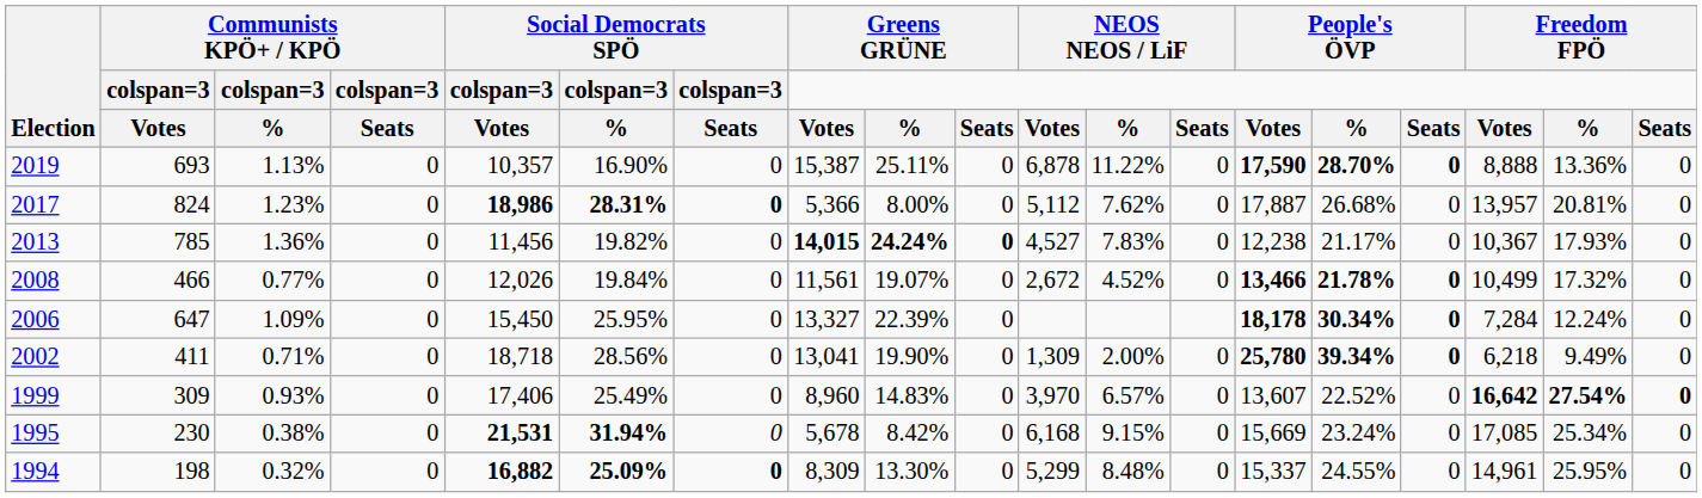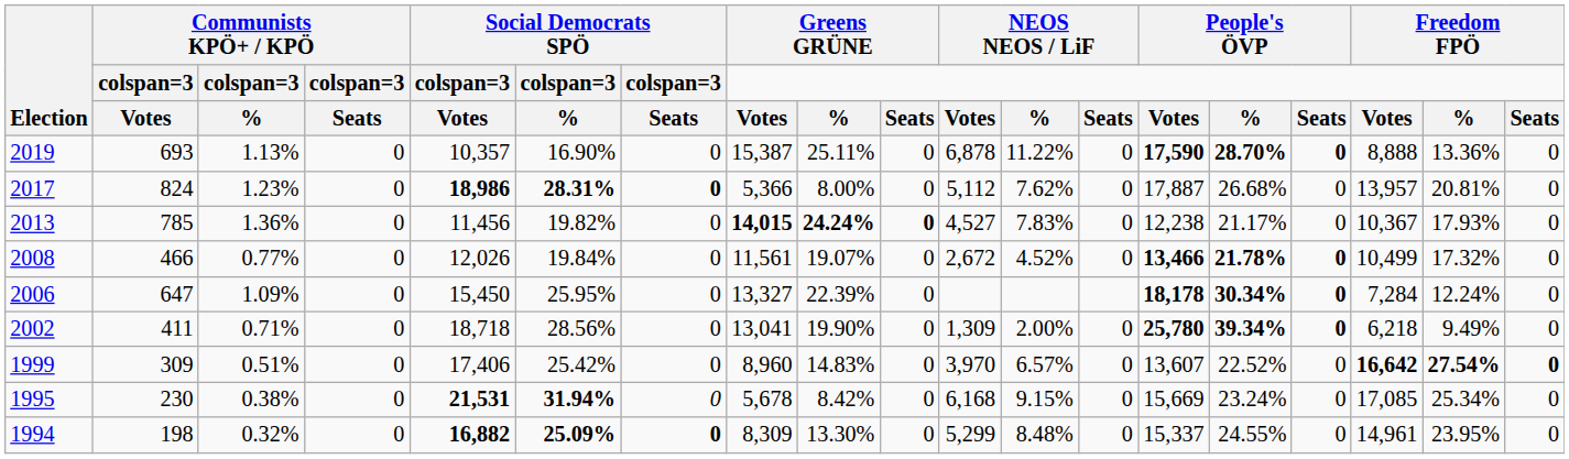 <table class="wikitable" border="1" style="font-size:100%; text-align:right;">
 <tr>
 <th style="text-align:left;" valign=bottom rowspan=3>Election</th>
 <th valign=bottom colspan=3><a href='#'>Communists</a><br>KPÖ+ / KPÖ</th>
 <th valign=bottom colspan=3><a href='#'>Social Democrats</a><br>SPÖ</th>
 <th valign=bottom colspan=3><a href='#'>Greens</a><br>GRÜNE</th>
 <th valign=bottom colspan=3><a href='#'>NEOS</a><br>NEOS / LiF</th>
 <th valign=bottom colspan=3><a href='#'>People's</a><br>ÖVP</th>
 <th valign=bottom colspan=3><a href='#'>Freedom</a><br>FPÖ</th>
 </tr>
 <tr>
 <th>colspan=3 </th>
 <th>colspan=3 </th>
 <th>colspan=3 </th>
 <th>colspan=3 </th>
 <th>colspan=3 </th>
 <th>colspan=3 </th>
 </tr>
 <tr>
 <th>Votes</th>
 <th>%</th>
 <th>Seats</th>
 <th>Votes</th>
 <th>%</th>
 <th>Seats</th>
 <th>Votes</th>
 <th>%</th>
 <th>Seats</th>
 <th>Votes</th>
 <th>%</th>
 <th>Seats</th>
 <th>Votes</th>
 <th>%</th>
 <th>Seats</th>
 <th>Votes</th>
 <th>%</th>
 <th>Seats</th>
 </tr>
 <tr>
 <td align=left><a href='#'>2019</a></td>
 <td>693</td>
 <td>1.13%</td>
 <td>0</td>
 <td>10,357</td>
 <td>16.90%</td>
 <td>0</td>
 <td>15,387</td>
 <td>25.11%</td>
 <td>0</td>
 <td>6,878</td>
 <td>11.22%</td>
 <td>0</td>
 <td><strong>17,590</strong></td>
 <td><strong>28.70%</strong></td>
 <td><strong>0</strong></td>
 <td>8,888</td>
 <td>13.36%</td>
 <td>0</td>
 </tr>
 <tr>
 <td align=left><a href='#'>2017</a></td>
 <td>824</td>
 <td>1.23%</td>
 <td>0</td>
 <td><strong>18,986</strong></td>
 <td><strong>28.31%</strong></td>
 <td><strong>0</strong></td>
 <td>5,366</td>
 <td>8.00%</td>
 <td>0</td>
 <td>5,112</td>
 <td>7.62%</td>
 <td>0</td>
 <td>17,887</td>
 <td>26.68%</td>
 <td>0</td>
 <td>13,957</td>
 <td>20.81%</td>
 <td>0</td>
 </tr>
 <tr>
 <td align=left><a href='#'>2013</a></td>
 <td>785</td>
 <td>1.36%</td>
 <td>0</td>
 <td>11,456</td>
 <td>19.82%</td>
 <td>0</td>
 <td><strong>14,015</strong></td>
 <td><strong>24.24%</strong></td>
 <td><strong>0</strong></td>
 <td>4,527</td>
 <td>7.83%</td>
 <td>0</td>
 <td>12,238</td>
 <td>21.17%</td>
 <td>0</td>
 <td>10,367</td>
 <td>17.93%</td>
 <td>0</td>
 </tr>
 <tr>
 <td align=left><a href='#'>2008</a></td>
 <td>466</td>
 <td>0.77%</td>
 <td>0</td>
 <td>12,026</td>
 <td>19.84%</td>
 <td>0</td>
 <td>11,561</td>
 <td>19.07%</td>
 <td>0</td>
 <td>2,672</td>
 <td>4.52%</td>
 <td>0</td>
 <td><strong>13,466</strong></td>
 <td><strong>21.78%</strong></td>
 <td><strong>0</strong></td>
 <td>10,499</td>
 <td>17.32%</td>
 <td>0</td>
 </tr>
 <tr>
 <td align=left><a href='#'>2006</a></td>
 <td>647</td>
 <td>1.09%</td>
 <td>0</td>
 <td>15,450</td>
 <td>25.95%</td>
 <td>0</td>
 <td>13,327</td>
 <td>22.39%</td>
 <td>0</td>
 <td></td>
 <td></td>
 <td></td>
 <td><strong>18,178</strong></td>
 <td><strong>30.34%</strong></td>
 <td><strong>0</strong></td>
 <td>7,284</td>
 <td>12.24%</td>
 <td>0</td>
 </tr>
 <tr>
 <td align=left><a href='#'>2002</a></td>
 <td>411</td>
 <td>0.71%</td>
 <td>0</td>
 <td>18,718</td>
 <td>28.56%</td>
 <td>0</td>
 <td>13,041</td>
 <td>19.90%</td>
 <td>0</td>
 <td>1,309</td>
 <td>2.00%</td>
 <td>0</td>
 <td><strong>25,780</strong></td>
 <td><strong>39.34%</strong></td>
 <td><strong>0</strong></td>
 <td>6,218</td>
 <td>9.49%</td>
 <td>0</td>
 </tr>
 <tr>
 <td align=left><a href='#'>1999</a></td>
 <td>309</td>
-<td>0.93%</td>
+<td>0.51%</td>
 <td>0</td>
 <td>17,406</td>
-<td>25.49%</td>
+<td>25.42%</td>
 <td>0</td>
 <td>8,960</td>
 <td>14.83%</td>
 <td>0</td>
 <td>3,970</td>
 <td>6.57%</td>
 <td>0</td>
 <td>13,607</td>
 <td>22.52%</td>
 <td>0</td>
 <td><strong>16,642</strong></td>
 <td><strong>27.54%</strong></td>
 <td><strong>0</strong></td>
 </tr>
 <tr>
 <td align=left><a href='#'>1995</a></td>
 <td>230</td>
 <td>0.38%</td>
 <td>0</td>
 <td><strong>21,531</strong></td>
 <td><strong>31.94%</strong></td>
 <td><em>0</em></td>
 <td>5,678</td>
 <td>8.42%</td>
 <td>0</td>
 <td>6,168</td>
 <td>9.15%</td>
 <td>0</td>
 <td>15,669</td>
 <td>23.24%</td>
 <td>0</td>
 <td>17,085</td>
 <td>25.34%</td>
 <td>0</td>
 </tr>
 <tr>
 <td align=left><a href='#'>1994</a></td>
 <td>198</td>
 <td>0.32%</td>
 <td>0</td>
 <td><strong>16,882</strong></td>
 <td><strong>25.09%</strong></td>
 <td><strong>0</strong></td>
 <td>8,309</td>
 <td>13.30%</td>
 <td>0</td>
 <td>5,299</td>
 <td>8.48%</td>
 <td>0</td>
 <td>15,337</td>
 <td>24.55%</td>
 <td>0</td>
 <td>14,961</td>
-<td>25.95%</td>
+<td>23.95%</td>
 <td>0</td>
 </tr>
 </table>
